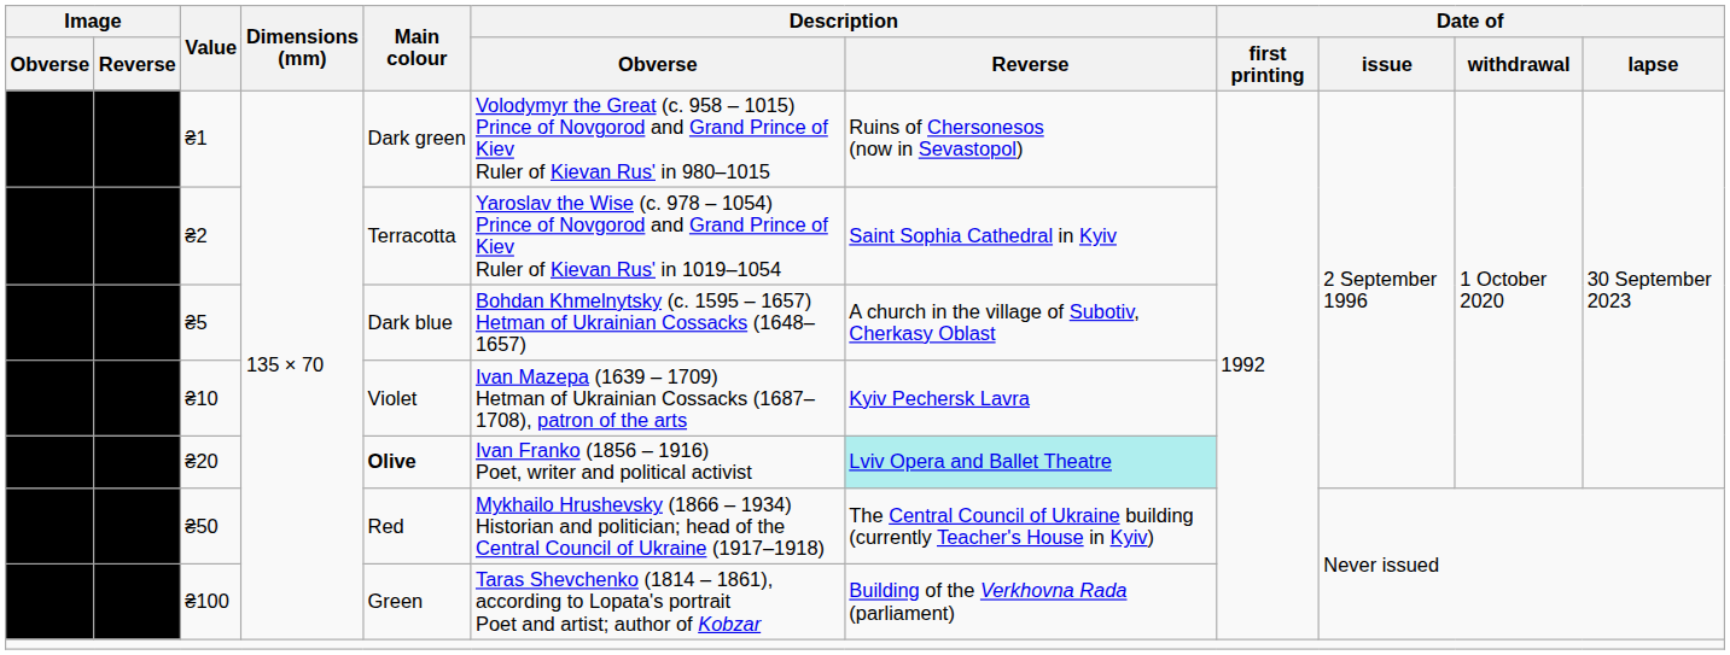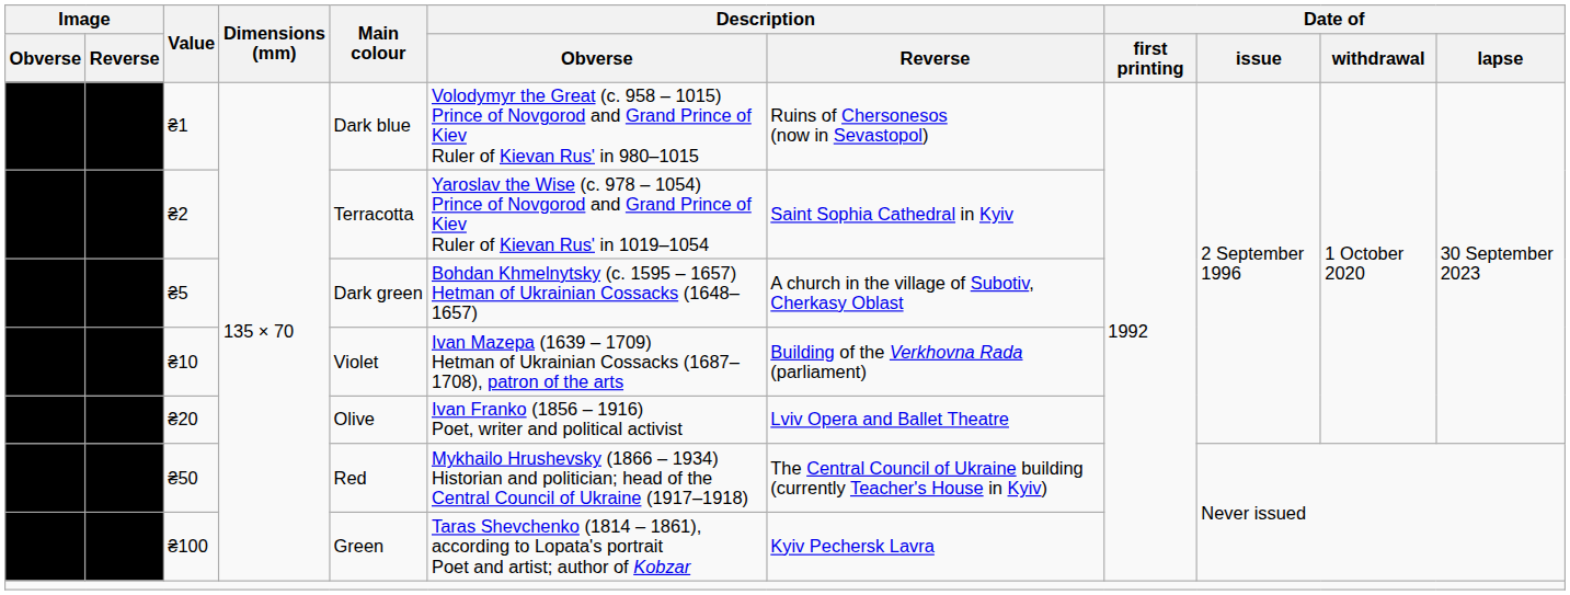 <table class="wikitable sortable" style="font-size: 90%">
 <tr>
 <th colspan="2">Image</th>
 <th rowspan="2">Value</th>
 <th rowspan="2">Dimensions<br>(mm)</th>
 <th rowspan="2">Main colour</th>
 <th colspan="2">Description</th>
 <th colspan="4">Date of</th>
 </tr>
 <tr>
 <th>Obverse</th>
 <th>Reverse</th>
 <th>Obverse</th>
 <th>Reverse</th>
 <th>first printing</th>
 <th>issue</th>
 <th>withdrawal</th>
 <th>lapse</th>
 </tr>
 <tr>
 <td align="center" bgcolor="#000000"></td>
 <td align="center" bgcolor="#000000"></td>
 <td>₴1</td>
 <td rowspan="7">135 × 70</td>
-<td>Dark green</td>
+<td>Dark blue</td>
 <td><a href='#'>Volodymyr the Great</a> (c. 958 – 1015)<br><a href='#'>Prince of Novgorod</a> and <a href='#'>Grand Prince of Kiev</a><br>Ruler of <a href='#'>Kievan Rus'</a> in 980–1015</td>
 <td>Ruins of <a href='#'>Chersonesos</a><br>(now in <a href='#'>Sevastopol</a>)</td>
 <td rowspan="7">1992</td>
 <td rowspan="5">2 September 1996</td>
 <td rowspan="5">1 October 2020</td>
 <td rowspan="5">30 September 2023</td>
 </tr>
 <tr>
 <td align="center" bgcolor="#000000"></td>
 <td align="center" bgcolor="#000000"></td>
 <td>₴2</td>
 <td>Terracotta</td>
 <td><a href='#'>Yaroslav the Wise</a> (c. 978 – 1054)<br><a href='#'>Prince of Novgorod</a> and <a href='#'>Grand Prince of Kiev</a> <br>Ruler of <a href='#'>Kievan Rus'</a> in 1019–1054</td>
 <td><a href='#'>Saint Sophia Cathedral</a> in <a href='#'>Kyiv</a></td>
 </tr>
 <tr>
 <td align="center" bgcolor="#000000"></td>
 <td align="center" bgcolor="#000000"></td>
 <td>₴5</td>
-<td>Dark blue</td>
+<td>Dark green</td>
 <td><a href='#'>Bohdan Khmelnytsky</a> (c. 1595 – 1657)<br><a href='#'>Hetman of Ukrainian Cossacks</a> (1648–1657)</td>
 <td>A church in the village of <a href='#'>Subotiv</a>, <a href='#'>Cherkasy Oblast</a></td>
 </tr>
 <tr>
 <td align="center" bgcolor="#000000"></td>
 <td align="center" bgcolor="#000000"></td>
 <td>₴10</td>
 <td>Violet</td>
 <td><a href='#'>Ivan Mazepa</a> (1639 – 1709)<br>Hetman of Ukrainian Cossacks (1687–1708), <a href='#'>patron of the arts</a></td>
-<td><a href='#'>Kyiv Pechersk Lavra</a></td>
+<td><a href='#'>Building</a> of the <em><a href='#'>Verkhovna Rada</a></em> (parliament)</td>
 </tr>
 <tr>
 <td align="center" bgcolor="#000000"></td>
 <td align="center" bgcolor="#000000"></td>
 <td>₴20</td>
-<td><strong>Olive</strong></td>
+<td>Olive</td>
 <td><a href='#'>Ivan Franko</a> (1856 – 1916)<br>Poet, writer and political activist</td>
-<td style="background: paleturquoise;"><a href='#'>Lviv Opera and Ballet Theatre</a></td>
+<td><a href='#'>Lviv Opera and Ballet Theatre</a></td>
 </tr>
 <tr>
 <td align="center" bgcolor="#000000"></td>
 <td align="center" bgcolor="#000000"></td>
 <td>₴50</td>
 <td>Red</td>
 <td><a href='#'>Mykhailo Hrushevsky</a> (1866 – 1934)<br>Historian and politician; head of the <a href='#'>Central Council of Ukraine</a> (1917–1918)</td>
 <td>The <a href='#'>Central Council of Ukraine</a> building (currently <a href='#'>Teacher's House</a> in <a href='#'>Kyiv</a>)</td>
 <td colspan="3" rowspan="2">Never issued</td>
 </tr>
 <tr>
 <td align="center" bgcolor="#000000"></td>
 <td align="center" bgcolor="#000000"></td>
 <td>₴100</td>
 <td>Green</td>
 <td><a href='#'>Taras Shevchenko</a> (1814 – 1861), according to Lopata's portrait<br>Poet and artist; author of <em><a href='#'>Kobzar</a></em></td>
-<td><a href='#'>Building</a> of the <em><a href='#'>Verkhovna Rada</a></em> (parliament)</td>
+<td><a href='#'>Kyiv Pechersk Lavra</a></td>
 </tr>
 <tr>
 <td colspan="11"></td>
 </tr>
 </table>
